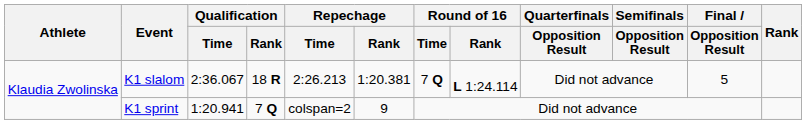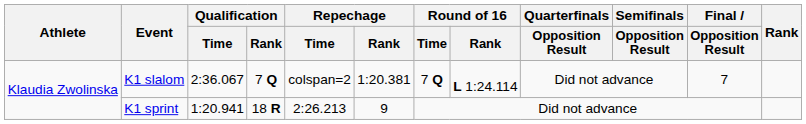 <table class="wikitable" style="font-size:90%;">
 <tr>
 <th rowspan=2>Athlete</th>
 <th rowspan=2>Event</th>
 <th colspan=2>Qualification</th>
 <th colspan=2>Repechage</th>
 <th colspan=2>Round of 16</th>
 <th>Quarterfinals</th>
 <th>Semifinals</th>
 <th>Final / </th>
 <th rowspan=2>Rank</th>
 </tr>
 <tr style="font-size:95%">
 <th>Time</th>
 <th>Rank</th>
 <th>Time</th>
 <th>Rank</th>
 <th>Time</th>
 <th>Rank</th>
 <th>Opposition <br>Result</th>
 <th>Opposition <br>Result</th>
 <th>Opposition <br>Result</th>
 </tr>
 <tr align=center>
 <td rowspan=2 align=left><a href='#'>Klaudia Zwolinska</a></td>
 <td align=left><a href='#'>K1 slalom</a></td>
 <td>2:36.067</td>
-<td>18 <strong>R</strong></td>
-<td>2:26.213</td>
+<td>7 <strong>Q</strong></td>
+<td>colspan=2 </td>
 <td>1:20.381</td>
 <td>7 <strong>Q</strong></td>
 <td><br><strong>L</strong> 1:24.114</td>
 <td colspan=2>Did not advance</td>
-<td>5</td>
+<td>7</td>
 </tr>
 <tr align=center>
 <td align=left><a href='#'>K1 sprint</a></td>
 <td>1:20.941</td>
-<td>7 <strong>Q</strong></td>
-<td>colspan=2 </td>
+<td>18 <strong>R</strong></td>
+<td>2:26.213</td>
 <td>9</td>
 <td colspan=5>Did not advance</td>
 <td></td>
 </tr>
 </table>
